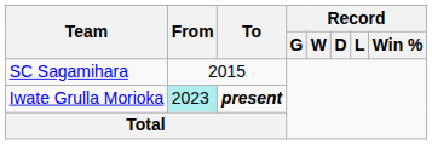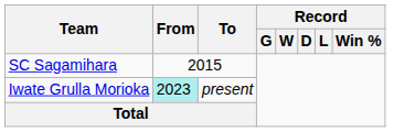 <table class="wikitable" style="text-align: center">
 <tr>
 <th rowspan="2">Team</th>
 <th rowspan="2">From</th>
 <th rowspan="2">To</th>
 <th colspan="5">Record</th>
 </tr>
 <tr>
 <th>G</th>
 <th>W</th>
 <th>D</th>
 <th>L</th>
 <th>Win %</th>
 </tr>
 <tr>
 <td align="left"><a href='#'>SC Sagamihara</a></td>
 <td colspan=2>2015<br></td>
 </tr>
 <tr>
 <td align="left"><a href='#'>Iwate Grulla Morioka</a></td>
 <td align="left" style="background: paleturquoise;">2023</td>
-<td align="left"><strong><em>present</em><br></strong></td>
+<td align="left"><em>present</em><br></td>
 </tr>
 <tr>
 <th colspan="3">Total<br></th>
 </tr>
 </table>
